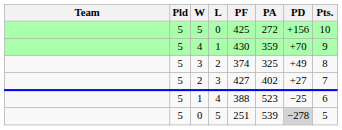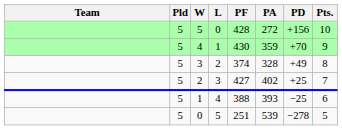 <table class=wikitable style="text-align:center">
 <tr>
 <th width=240>Team</th>
 <th width=20>Pld</th>
 <th width=20>W</th>
 <th width=20>L</th>
 <th width=35>PF</th>
 <th width=35>PA</th>
 <th width=35>PD</th>
 <th width=30>Pts.</th>
 </tr>
 <tr bgcolor=#aaffaa>
 <td align=left></td>
 <td>5</td>
 <td>5</td>
 <td>0</td>
-<td>425</td>
+<td>428</td>
 <td>272</td>
 <td>+156</td>
 <td>10</td>
 </tr>
 <tr bgcolor=#aaffaa>
 <td align=left></td>
 <td>5</td>
 <td>4</td>
 <td>1</td>
 <td>430</td>
 <td>359</td>
 <td>+70</td>
 <td>9</td>
 </tr>
 <tr>
 <td align=left></td>
 <td>5</td>
 <td>3</td>
 <td>2</td>
 <td>374</td>
-<td>325</td>
+<td>328</td>
 <td>+49</td>
 <td>8</td>
 </tr>
 <tr style="border-bottom:3px solid blue;">
 <td align=left></td>
 <td>5</td>
 <td>2</td>
 <td>3</td>
 <td>427</td>
 <td>402</td>
-<td>+27</td>
+<td>+25</td>
 <td>7</td>
 </tr>
 <tr>
 <td align=left></td>
 <td>5</td>
 <td>1</td>
 <td>4</td>
 <td>388</td>
-<td>523</td>
+<td>393</td>
 <td>−25</td>
 <td>6</td>
 </tr>
 <tr>
 <td align=left></td>
 <td>5</td>
 <td>0</td>
 <td>5</td>
 <td>251</td>
 <td>539</td>
-<td style="background: lightgrey;">−278</td>
+<td>−278</td>
 <td>5</td>
 </tr>
 </table>
